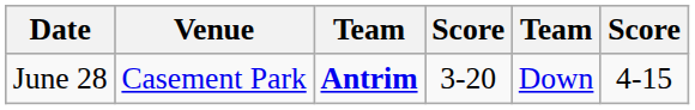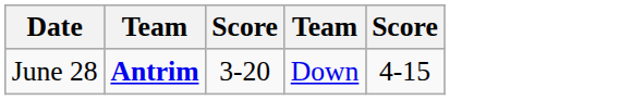 <table class="wikitable">
 <tr>
 <th>Date</th>
-<th>Venue</th>
 <th>Team</th>
 <th>Score</th>
 <th>Team</th>
 <th>Score</th>
 </tr>
 <tr align="center">
 <td>June 28</td>
-<td><a href='#'>Casement Park</a></td>
 <td><strong><a href='#'>Antrim</a></strong></td>
 <td>3-20</td>
 <td><a href='#'>Down</a></td>
 <td>4-15</td>
 </tr>
 </table>
